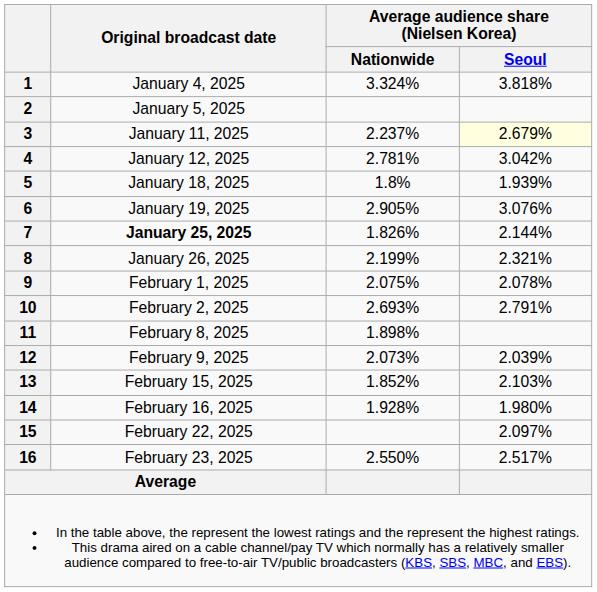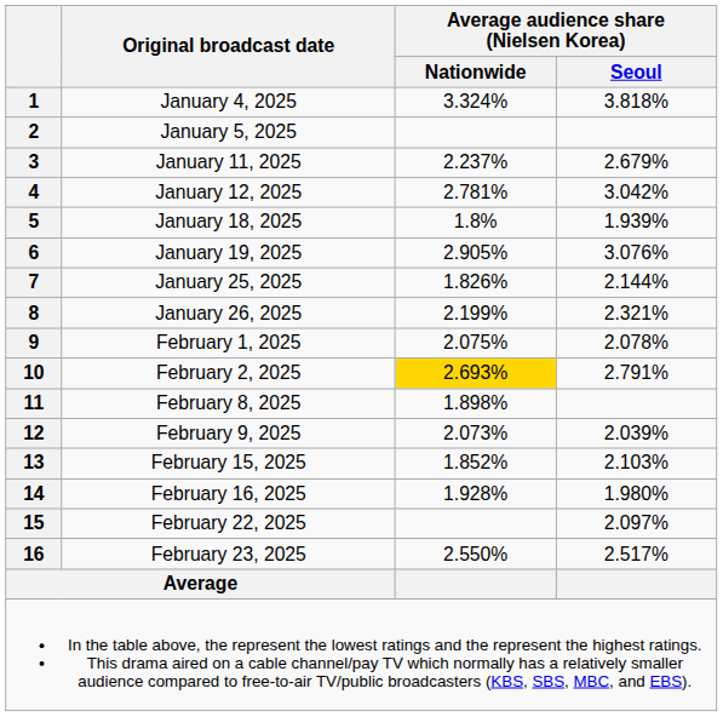 <table class="wikitable" style="margin-left:auto; margin-right:auto; width:600px; text-align:center">
 <tr>
 <th scope="col" rowspan="2"></th>
 <th scope="col" rowspan="2">Original broadcast date</th>
 <th scope="col" colspan="2">Average audience share<br>(Nielsen Korea)</th>
 </tr>
 <tr>
 <th scope="col" style="width:8em">Nationwide</th>
 <th scope="col" style="width:8em"><a href='#'>Seoul</a></th>
 </tr>
 <tr>
 <th scope="row">1</th>
 <td>January 4, 2025</td>
 <td>3.324% </td>
 <td>3.818% </td>
 </tr>
 <tr>
 <th scope="row">2</th>
 <td>January 5, 2025</td>
 <td><strong></strong> </td>
 <td><strong></strong> </td>
 </tr>
 <tr>
 <th scope="row">3</th>
 <td>January 11, 2025</td>
 <td>2.237% </td>
-<td style="background: lightyellow;">2.679% </td>
+<td>2.679% </td>
 </tr>
 <tr>
 <th scope="row">4</th>
 <td>January 12, 2025</td>
 <td>2.781% </td>
 <td>3.042% </td>
 </tr>
 <tr>
 <th scope="row">5</th>
 <td>January 18, 2025</td>
 <td>1.8% </td>
 <td>1.939% </td>
 </tr>
 <tr>
 <th scope="row">6</th>
 <td>January 19, 2025</td>
 <td>2.905% </td>
 <td>3.076% </td>
 </tr>
 <tr>
 <th scope="row">7</th>
-<td><strong>January 25, 2025</strong></td>
+<td>January 25, 2025</td>
 <td>1.826% </td>
 <td>2.144% </td>
 </tr>
 <tr>
 <th scope="row">8</th>
 <td>January 26, 2025</td>
 <td>2.199% </td>
 <td>2.321% </td>
 </tr>
 <tr>
 <th scope="row">9</th>
 <td>February 1, 2025</td>
 <td>2.075% </td>
 <td>2.078% </td>
 </tr>
 <tr>
 <th scope="row">10</th>
 <td>February 2, 2025</td>
-<td>2.693% </td>
+<td style="background: gold;">2.693% </td>
 <td>2.791% </td>
 </tr>
 <tr>
 <th scope="row">11</th>
 <td>February 8, 2025</td>
 <td>1.898% </td>
 <td><strong></strong> </td>
 </tr>
 <tr>
 <th scope="row">12</th>
 <td>February 9, 2025</td>
 <td>2.073% </td>
 <td>2.039% </td>
 </tr>
 <tr>
 <th scope="row">13</th>
 <td>February 15, 2025</td>
 <td>1.852% </td>
 <td>2.103% </td>
 </tr>
 <tr>
 <th scope="row">14</th>
 <td>February 16, 2025</td>
 <td>1.928% </td>
 <td>1.980% </td>
 </tr>
 <tr>
 <th scope="row">15</th>
 <td>February 22, 2025</td>
 <td><strong></strong> </td>
 <td>2.097% </td>
 </tr>
 <tr>
 <th scope="row">16</th>
 <td>February 23, 2025</td>
 <td>2.550% </td>
 <td>2.517% </td>
 </tr>
 <tr>
 <th scope="col" colspan="2">Average</th>
 <th scope="col"></th>
 <th scope="col"></th>
 </tr>
 <tr>
 <td colspan="4" style="font-size:85%"><br><ul><li>In the table above, the <strong></strong> represent the lowest ratings and the <strong></strong> represent the highest ratings.</li><li>This drama aired on a cable channel/pay TV which normally has a relatively smaller audience compared to free-to-air TV/public broadcasters (<a href='#'>KBS</a>, <a href='#'>SBS</a>, <a href='#'>MBC</a>, and <a href='#'>EBS</a>).</li></ul></td>
 </tr>
 </table>
